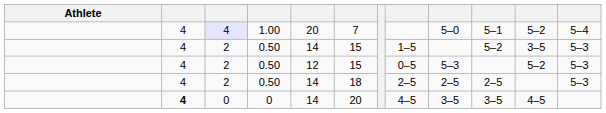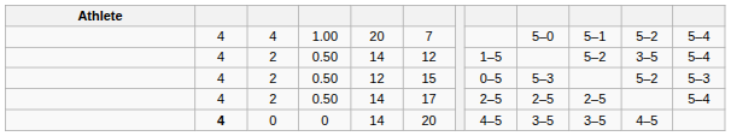 <table class="wikitable" style="text-align:center; font-size:90%;">
 <tr>
 <th width=200>Athlete</th>
 <th width=50></th>
 <th width=50></th>
 <th width=50></th>
 <th width=50></th>
 <th width=50></th>
 <th rowspan=6> </th>
 <th width=50></th>
 <th width=50></th>
 <th width=50></th>
 <th width=50></th>
 <th width=50></th>
 </tr>
 <tr>
 <td align=left></td>
 <td>4</td>
-<td style="background: lavender;">4</td>
+<td>4</td>
 <td>1.00</td>
 <td>20</td>
 <td>7</td>
 <td></td>
 <td>5–0</td>
 <td>5–1</td>
 <td>5–2</td>
 <td>5–4</td>
 </tr>
 <tr>
 <td align=left></td>
 <td>4</td>
 <td>2</td>
 <td>0.50</td>
 <td>14</td>
-<td>15</td>
+<td>12</td>
 <td>1–5</td>
 <td></td>
 <td>5–2</td>
 <td>3–5</td>
-<td>5–3</td>
+<td>5–4</td>
 </tr>
 <tr>
 <td align=left></td>
 <td>4</td>
 <td>2</td>
 <td>0.50</td>
 <td>12</td>
 <td>15</td>
 <td>0–5</td>
 <td>5–3</td>
 <td></td>
 <td>5–2</td>
 <td>5–3</td>
 </tr>
 <tr>
 <td align=left></td>
 <td>4</td>
 <td>2</td>
 <td>0.50</td>
 <td>14</td>
-<td>18</td>
+<td>17</td>
 <td>2–5</td>
 <td>2–5</td>
 <td>2–5</td>
 <td></td>
-<td>5–3</td>
+<td>5–4</td>
 </tr>
 <tr>
 <td align=left></td>
 <td><strong>4</strong></td>
 <td>0</td>
 <td>0</td>
 <td>14</td>
 <td>20</td>
 <td>4–5</td>
 <td>3–5</td>
 <td>3–5</td>
 <td>4–5</td>
 <td></td>
 </tr>
 </table>
